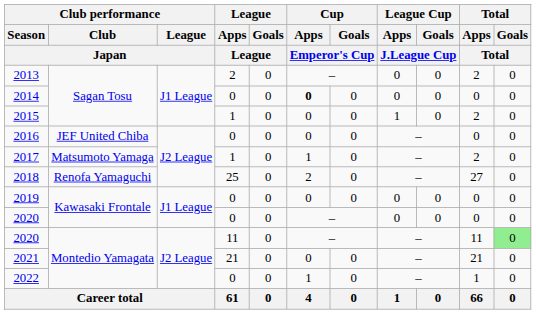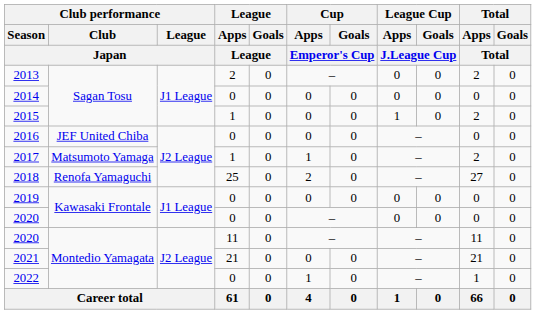 <table class="wikitable" style="text-align:center">
 <tr>
 <th colspan=3>Club performance</th>
 <th colspan=2>League</th>
 <th colspan=2>Cup</th>
 <th colspan=2>League Cup</th>
 <th colspan=2>Total</th>
 </tr>
 <tr>
 <th>Season</th>
 <th>Club</th>
 <th>League</th>
 <th>Apps</th>
 <th>Goals</th>
 <th>Apps</th>
 <th>Goals</th>
 <th>Apps</th>
 <th>Goals</th>
 <th>Apps</th>
 <th>Goals</th>
 </tr>
 <tr>
 <th colspan=3>Japan</th>
 <th colspan=2>League</th>
 <th colspan=2><a href='#'>Emperor's Cup</a></th>
 <th colspan=2><a href='#'>J.League Cup</a></th>
 <th colspan=2>Total</th>
 </tr>
 <tr>
 <td><a href='#'>2013</a></td>
 <td rowspan="3"><a href='#'>Sagan Tosu</a></td>
 <td rowspan="3"><a href='#'>J1 League</a></td>
 <td>2</td>
 <td>0</td>
 <td colspan="2">–</td>
 <td>0</td>
 <td>0</td>
 <td>2</td>
 <td>0</td>
 </tr>
 <tr>
 <td><a href='#'>2014</a></td>
 <td>0</td>
 <td>0</td>
-<td><strong>0</strong></td>
+<td>0</td>
 <td>0</td>
 <td>0</td>
 <td>0</td>
 <td>0</td>
 <td>0</td>
 </tr>
 <tr>
 <td><a href='#'>2015</a></td>
 <td>1</td>
 <td>0</td>
 <td>0</td>
 <td>0</td>
 <td>1</td>
 <td>0</td>
 <td>2</td>
 <td>0</td>
 </tr>
 <tr>
 <td><a href='#'>2016</a></td>
 <td><a href='#'>JEF United Chiba</a></td>
 <td rowspan="3"><a href='#'>J2 League</a></td>
 <td>0</td>
 <td>0</td>
 <td>0</td>
 <td>0</td>
 <td colspan="2">–</td>
 <td>0</td>
 <td>0</td>
 </tr>
 <tr>
 <td><a href='#'>2017</a></td>
 <td><a href='#'>Matsumoto Yamaga</a></td>
 <td>1</td>
 <td>0</td>
 <td>1</td>
 <td>0</td>
 <td colspan="2">–</td>
 <td>2</td>
 <td>0</td>
 </tr>
 <tr>
 <td><a href='#'>2018</a></td>
 <td><a href='#'>Renofa Yamaguchi</a></td>
 <td>25</td>
 <td>0</td>
 <td>2</td>
 <td>0</td>
 <td colspan="2">–</td>
 <td>27</td>
 <td>0</td>
 </tr>
 <tr>
 <td><a href='#'>2019</a></td>
 <td rowspan="2"><a href='#'>Kawasaki Frontale</a></td>
 <td rowspan="2"><a href='#'>J1 League</a></td>
 <td>0</td>
 <td>0</td>
 <td>0</td>
 <td>0</td>
 <td>0</td>
 <td>0</td>
 <td>0</td>
 <td>0</td>
 </tr>
 <tr>
 <td><a href='#'>2020</a></td>
 <td>0</td>
 <td>0</td>
 <td colspan="2">–</td>
 <td>0</td>
 <td>0</td>
 <td>0</td>
 <td>0</td>
 </tr>
 <tr>
 <td><a href='#'>2020</a></td>
 <td rowspan="3"><a href='#'>Montedio Yamagata</a></td>
 <td rowspan="3"><a href='#'>J2 League</a></td>
 <td>11</td>
 <td>0</td>
 <td colspan="2">–</td>
 <td colspan="2">–</td>
 <td>11</td>
-<td style="background: lightgreen;">0</td>
+<td>0</td>
 </tr>
 <tr>
 <td><a href='#'>2021</a></td>
 <td>21</td>
 <td>0</td>
 <td>0</td>
 <td>0</td>
 <td colspan="2">–</td>
 <td>21</td>
 <td>0</td>
 </tr>
 <tr>
 <td><a href='#'>2022</a></td>
 <td>0</td>
 <td>0</td>
 <td>1</td>
 <td>0</td>
 <td colspan="2">–</td>
 <td>1</td>
 <td>0</td>
 </tr>
 <tr>
 <th colspan="3">Career total</th>
 <th>61</th>
 <th>0</th>
 <th>4</th>
 <th>0</th>
 <th>1</th>
 <th>0</th>
 <th>66</th>
 <th>0</th>
 </tr>
 </table>
